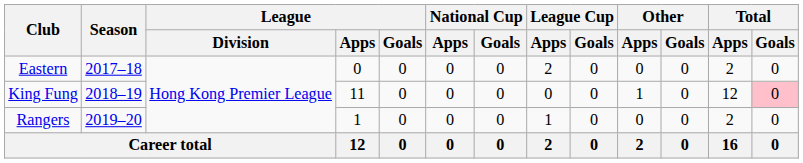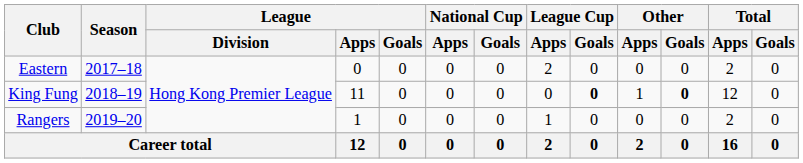 <table class="wikitable" style="text-align: center">
 <tr>
 <th rowspan="2">Club</th>
 <th rowspan="2">Season</th>
 <th colspan="3">League</th>
 <th colspan="2">National Cup</th>
 <th colspan="2">League Cup</th>
 <th colspan="2">Other</th>
 <th colspan="2">Total</th>
 </tr>
 <tr>
 <th>Division</th>
 <th>Apps</th>
 <th>Goals</th>
 <th>Apps</th>
 <th>Goals</th>
 <th>Apps</th>
 <th>Goals</th>
 <th>Apps</th>
 <th>Goals</th>
 <th>Apps</th>
 <th>Goals</th>
 </tr>
 <tr>
 <td><a href='#'>Eastern</a></td>
 <td><a href='#'>2017–18</a></td>
 <td rowspan="3"><a href='#'>Hong Kong Premier League</a></td>
 <td>0</td>
 <td>0</td>
 <td>0</td>
 <td>0</td>
 <td>2</td>
 <td>0</td>
 <td>0</td>
 <td>0</td>
 <td>2</td>
 <td>0</td>
 </tr>
 <tr>
 <td><a href='#'>King Fung</a></td>
 <td><a href='#'>2018–19</a></td>
 <td>11</td>
 <td>0</td>
 <td>0</td>
 <td>0</td>
 <td>0</td>
+<td><strong>0</strong></td>
+<td>1</td>
+<td><strong>0</strong></td>
+<td>12</td>
 <td>0</td>
-<td>1</td>
-<td>0</td>
-<td>12</td>
-<td style="background: pink;">0</td>
 </tr>
 <tr>
 <td><a href='#'>Rangers</a></td>
 <td><a href='#'>2019–20</a></td>
 <td>1</td>
 <td>0</td>
 <td>0</td>
 <td>0</td>
 <td>1</td>
 <td>0</td>
 <td>0</td>
 <td>0</td>
 <td>2</td>
 <td>0</td>
 </tr>
 <tr>
 <th colspan=3>Career total</th>
 <th>12</th>
 <th>0</th>
 <th>0</th>
 <th>0</th>
 <th>2</th>
 <th>0</th>
 <th>2</th>
 <th>0</th>
 <th>16</th>
 <th>0</th>
 </tr>
 </table>
